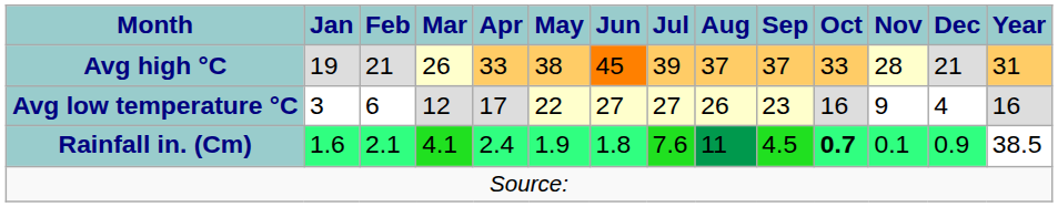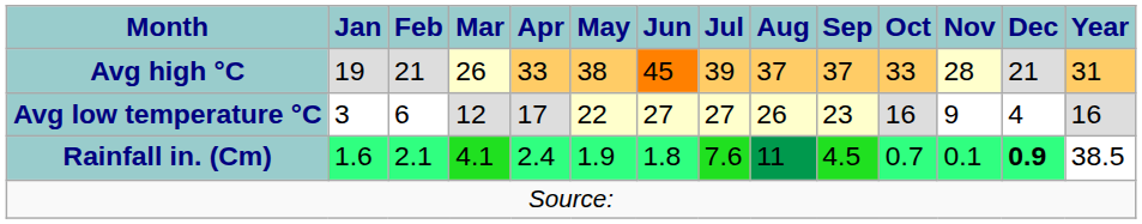 <table class="wikitable" style="margin:1em auto;">
 <tr>
 <th style="background: #99CCCC; color: #000080" height="17">Month</th>
 <th style="background: #99CCCC; color:#000080;">Jan</th>
 <th style="background: #99CCCC; color:#000080;">Feb</th>
 <th style="background: #99CCCC; color:#000080;">Mar</th>
 <th style="background: #99CCCC; color:#000080;">Apr</th>
 <th style="background: #99CCCC; color:#000080;">May</th>
 <th style="background: #99CCCC; color:#000080;">Jun</th>
 <th style="background: #99CCCC; color:#000080;">Jul</th>
 <th style="background: #99CCCC; color:#000080;">Aug</th>
 <th style="background: #99CCCC; color:#000080;">Sep</th>
 <th style="background: #99CCCC; color:#000080;">Oct</th>
 <th style="background: #99CCCC; color:#000080;">Nov</th>
 <th style="background: #99CCCC; color:#000080;">Dec</th>
 <th style="background: #99CCCC; color:#000080;">Year</th>
 </tr>
 <tr>
 <th style="background: #99CCCC; color:#000080;">Avg high °C</th>
 <td style="background: #DDDDDD; color:#000000;">19</td>
 <td style="background: #DDDDDD; color:#000000;">21</td>
 <td style="background: #FFFFCC; color:#000000;">26</td>
 <td style="background: #FFCC66; color:#000000;">33</td>
 <td style="background: #FFCC66; color:#000000;">38</td>
 <td style="background: #FF8000; color:#000000;">45</td>
 <td style="background: #FFCC66; color:#000000;">39</td>
 <td style="background: #FFCC66; color:#000000;">37</td>
 <td style="background: #FFCC66; color:#000000;">37</td>
 <td style="background: #FFCC66; color:#000000;">33</td>
 <td style="background: #FFFFCC; color:#000000;">28</td>
 <td style="background: #DDDDDD; color:#000000;">21</td>
 <td style="background: #FFCC66; color:#000000;">31</td>
 </tr>
 <tr>
 <th style="background: #99CCCC; color:#000080;" height="16;">Avg low temperature °C</th>
 <td style="background: #FFFFFF; color: black;">3</td>
 <td style="background: #FFFFFF; color: black;">6</td>
 <td style="background: #DDDDDD; color: black;">12</td>
 <td style="background: #DDDDDD; color: black;">17</td>
 <td style="background: #FFFFCC; color: black;">22</td>
 <td style="background: #FFFFCC; color: black;">27</td>
 <td style="background: #FFFFCC; color: black;">27</td>
 <td style="background: #FFFFCC; color: black;">26</td>
 <td style="background: #FFFFCC; color: black;">23</td>
 <td style="background: #DDDDDD; color: black;">16</td>
 <td style="background: #FFFFFF; color: black;">9</td>
 <td style="background: #FFFFFF; color: black;">4</td>
 <td style="background: #DDDDDD; color: black;">16</td>
 </tr>
 <tr>
 <th style="background: #99CCCC; color:#000080;">Rainfall in. (Cm)</th>
 <td style="background: #30FF80;">1.6</td>
 <td style="background: #30FF80;">2.1</td>
 <td style="background: #20E020;">4.1</td>
 <td style="background: #30FF80;">2.4</td>
 <td style="background: #30FF80;">1.9</td>
 <td style="background: #30FF80;">1.8</td>
 <td style="background: #20E020;">7.6</td>
 <td style="background: #00994D;">11</td>
 <td style="background: #20E020;">4.5</td>
-<td style="background: #30FF80;"><strong>0.7</strong></td>
+<td style="background: #30FF80;">0.7</td>
 <td style="background: #30FF80;">0.1</td>
-<td style="background: #30FF80;">0.9</td>
+<td style="background: #30FF80;"><strong>0.9</strong></td>
 <td style="background: #FFFFFF;">38.5</td>
 </tr>
 <tr>
 <td colspan="14" style="text-align:center;font-size:90%;"><em>Source: </em></td>
 </tr>
 </table>
